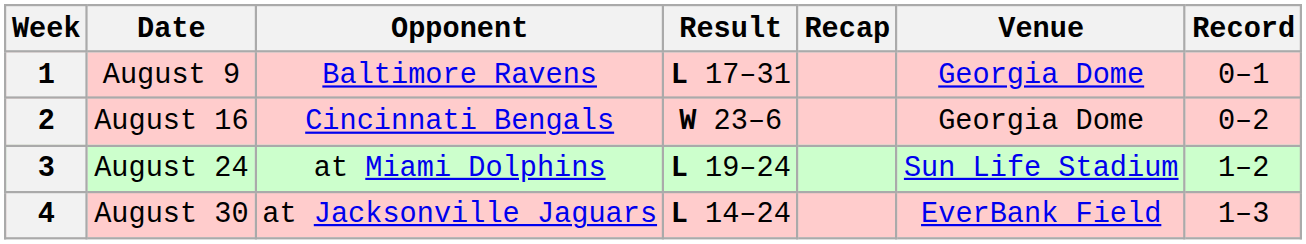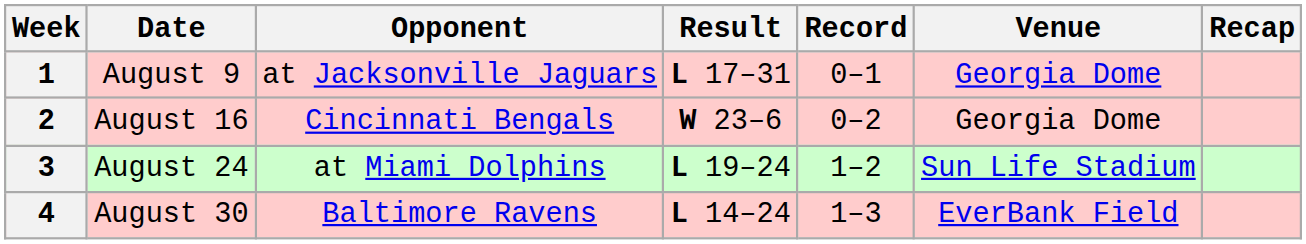 <table class="wikitable" style="text-align:center">
 <tr>
 <th>Week</th>
 <th>Date</th>
 <th>Opponent</th>
 <th>Result</th>
+<th>Record</th>
+<th>Venue</th>
 <th>Recap</th>
-<th>Venue</th>
-<th>Record</th>
 </tr>
 <tr style="background:#fcc; text-align:center;">
 <th>1</th>
 <td>August 9</td>
-<td><a href='#'>Baltimore Ravens</a></td>
+<td>at <a href='#'>Jacksonville Jaguars</a></td>
 <td><strong>L</strong> 17–31</td>
+<td>0–1</td>
+<td><a href='#'>Georgia Dome</a></td>
 <td></td>
-<td><a href='#'>Georgia Dome</a></td>
-<td>0–1</td>
 </tr>
 <tr style="background:#fcc; text-align:center;">
 <th>2</th>
 <td>August 16</td>
 <td><a href='#'>Cincinnati Bengals</a></td>
 <td><strong>W</strong> 23–6</td>
+<td>0–2</td>
+<td>Georgia Dome</td>
 <td></td>
-<td>Georgia Dome</td>
-<td>0–2</td>
 </tr>
 <tr style="background:#cfc; text-align:center;">
 <th>3</th>
 <td>August 24</td>
 <td>at <a href='#'>Miami Dolphins</a></td>
 <td><strong>L</strong> 19–24</td>
+<td>1–2</td>
+<td><a href='#'>Sun Life Stadium</a></td>
 <td></td>
-<td><a href='#'>Sun Life Stadium</a></td>
-<td>1–2</td>
 </tr>
 <tr style="background:#fcc; text-align:center;">
 <th>4</th>
 <td>August 30</td>
-<td>at <a href='#'>Jacksonville Jaguars</a></td>
+<td><a href='#'>Baltimore Ravens</a></td>
 <td><strong>L</strong> 14–24</td>
+<td>1–3</td>
+<td><a href='#'>EverBank Field</a></td>
 <td></td>
-<td><a href='#'>EverBank Field</a></td>
-<td>1–3</td>
 </tr>
 </table>
